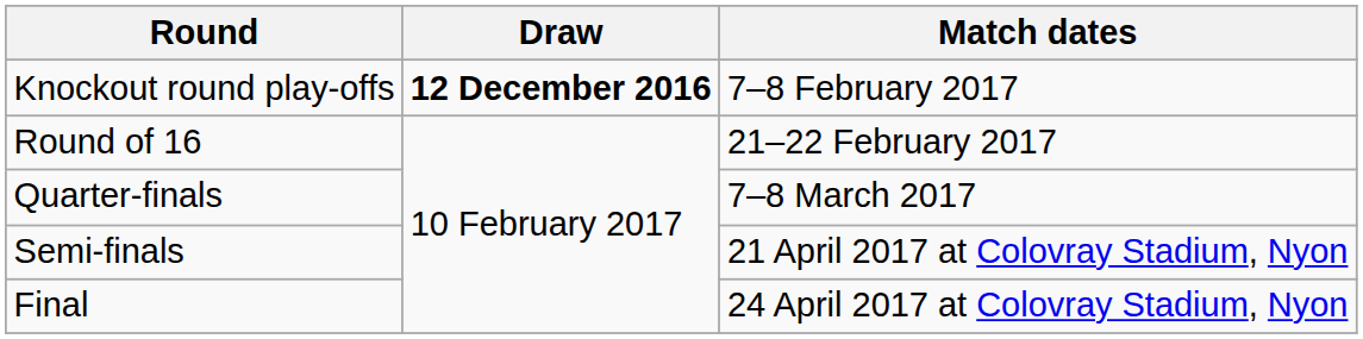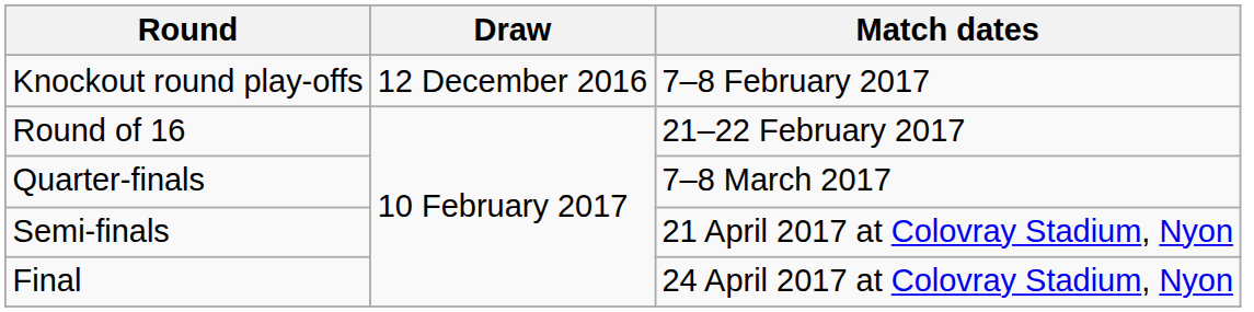 <table class="wikitable">
 <tr>
 <th>Round</th>
 <th>Draw</th>
 <th>Match dates</th>
 </tr>
 <tr>
 <td>Knockout round play-offs</td>
-<td><strong>12 December 2016</strong></td>
+<td>12 December 2016</td>
 <td colspan=2>7–8 February 2017</td>
 </tr>
 <tr>
 <td>Round of 16</td>
 <td rowspan=4>10 February 2017</td>
 <td colspan=2>21–22 February 2017</td>
 </tr>
 <tr>
 <td>Quarter-finals</td>
 <td colspan=2>7–8 March 2017</td>
 </tr>
 <tr>
 <td>Semi-finals</td>
 <td colspan=2>21 April 2017 at <a href='#'>Colovray Stadium</a>, <a href='#'>Nyon</a></td>
 </tr>
 <tr>
 <td>Final</td>
 <td colspan=2>24 April 2017 at <a href='#'>Colovray Stadium</a>, <a href='#'>Nyon</a></td>
 </tr>
 </table>
